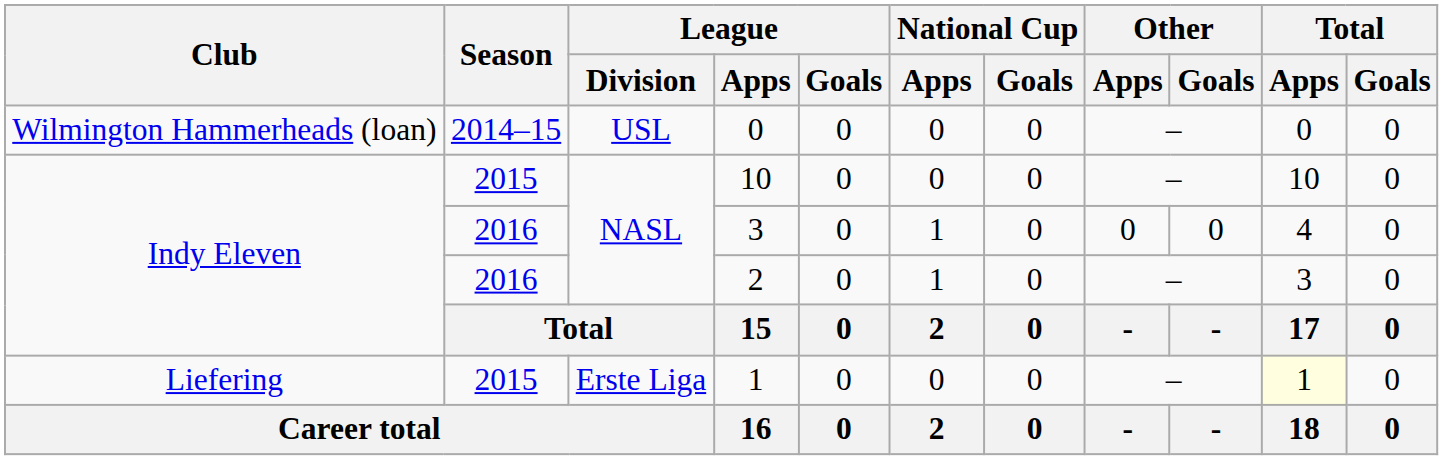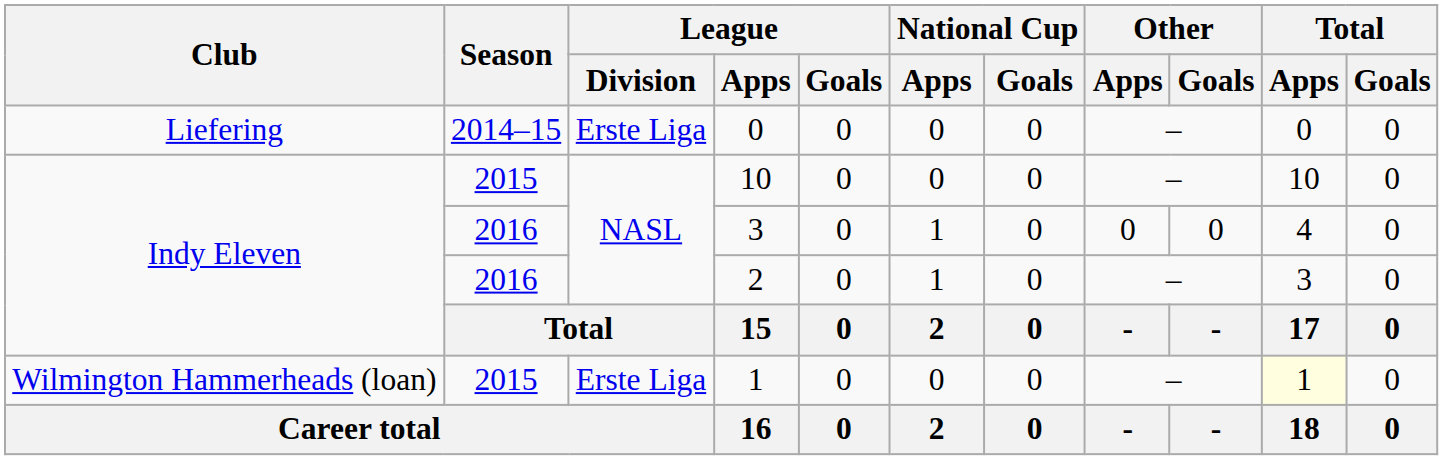 <table class="wikitable" style="text-align: center;">
 <tr>
 <th rowspan="2">Club</th>
 <th rowspan="2">Season</th>
 <th colspan="3">League</th>
 <th colspan="2">National Cup</th>
 <th colspan="2">Other</th>
 <th colspan="2">Total</th>
 </tr>
 <tr>
 <th>Division</th>
 <th>Apps</th>
 <th>Goals</th>
 <th>Apps</th>
 <th>Goals</th>
 <th>Apps</th>
 <th>Goals</th>
 <th>Apps</th>
 <th>Goals</th>
 </tr>
 <tr>
-<td valign="center"><a href='#'>Wilmington Hammerheads</a> (loan)</td>
+<td valign="center"><a href='#'>Liefering</a></td>
 <td><a href='#'>2014–15</a></td>
-<td><a href='#'>USL</a></td>
+<td><a href='#'>Erste Liga</a></td>
 <td>0</td>
 <td>0</td>
 <td>0</td>
 <td>0</td>
 <td colspan="2">–</td>
 <td>0</td>
 <td>0</td>
 </tr>
 <tr>
 <td rowspan="4" valign="center"><a href='#'>Indy Eleven</a></td>
 <td><a href='#'>2015</a></td>
 <td rowspan="3" valign="center"><a href='#'>NASL</a></td>
 <td>10</td>
 <td>0</td>
 <td>0</td>
 <td>0</td>
 <td colspan="2">–</td>
 <td>10</td>
 <td>0</td>
 </tr>
 <tr>
 <td><a href='#'>2016</a></td>
 <td>3</td>
 <td>0</td>
 <td>1</td>
 <td>0</td>
 <td>0</td>
 <td>0</td>
 <td>4</td>
 <td>0</td>
 </tr>
 <tr>
 <td><a href='#'>2016</a></td>
 <td>2</td>
 <td>0</td>
 <td>1</td>
 <td>0</td>
 <td colspan="2">–</td>
 <td>3</td>
 <td>0</td>
 </tr>
 <tr>
 <th colspan="2">Total</th>
 <th>15</th>
 <th>0</th>
 <th>2</th>
 <th>0</th>
 <th>-</th>
 <th>-</th>
 <th>17</th>
 <th>0</th>
 </tr>
 <tr>
-<td valign="center"><a href='#'>Liefering</a></td>
+<td valign="center"><a href='#'>Wilmington Hammerheads</a> (loan)</td>
 <td><a href='#'>2015</a></td>
 <td><a href='#'>Erste Liga</a></td>
 <td>1</td>
 <td>0</td>
 <td>0</td>
 <td>0</td>
 <td colspan="2">–</td>
 <td style="background: lightyellow;">1</td>
 <td>0</td>
 </tr>
 <tr>
 <th colspan="3">Career total</th>
 <th>16</th>
 <th>0</th>
 <th>2</th>
 <th>0</th>
 <th>-</th>
 <th>-</th>
 <th>18</th>
 <th>0</th>
 </tr>
 </table>
